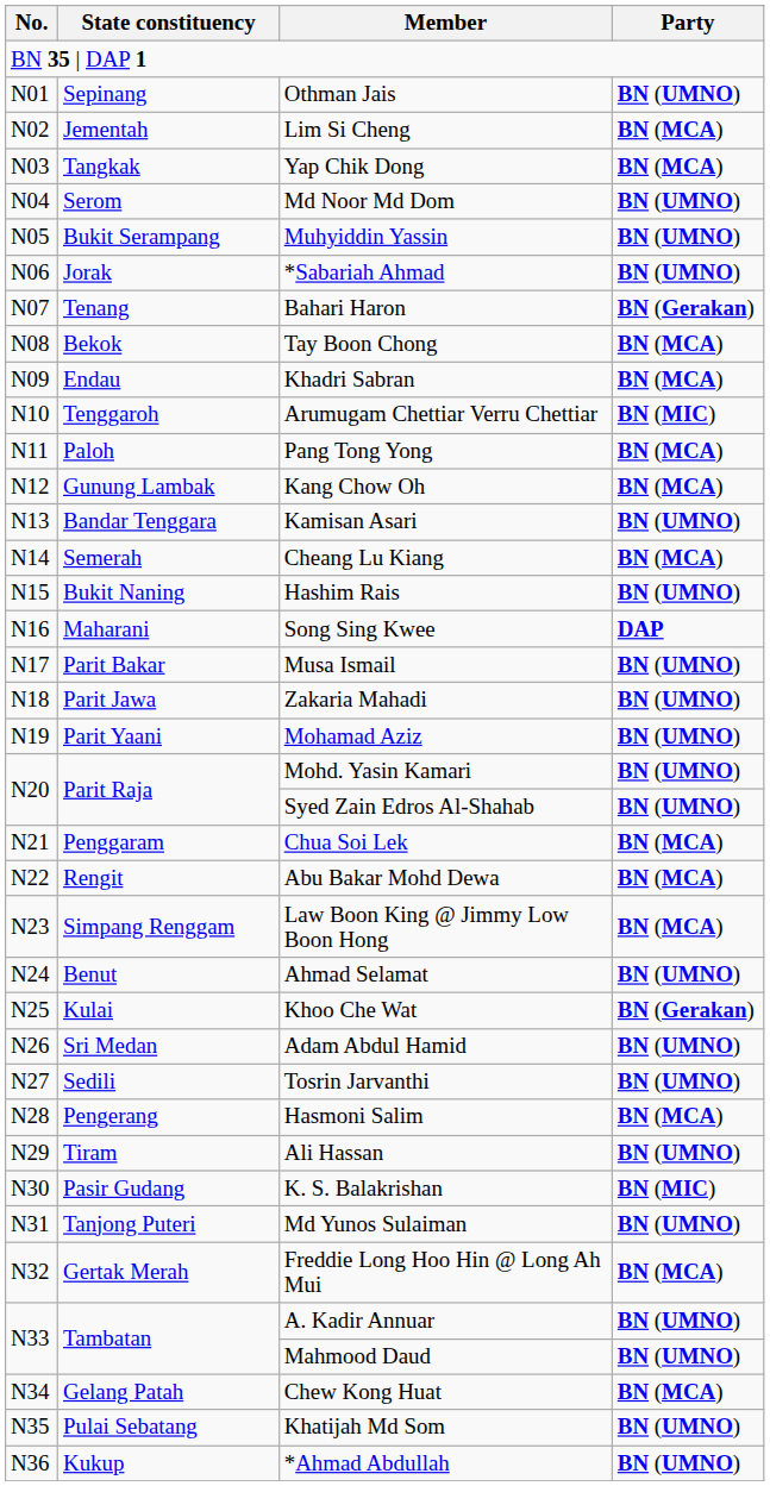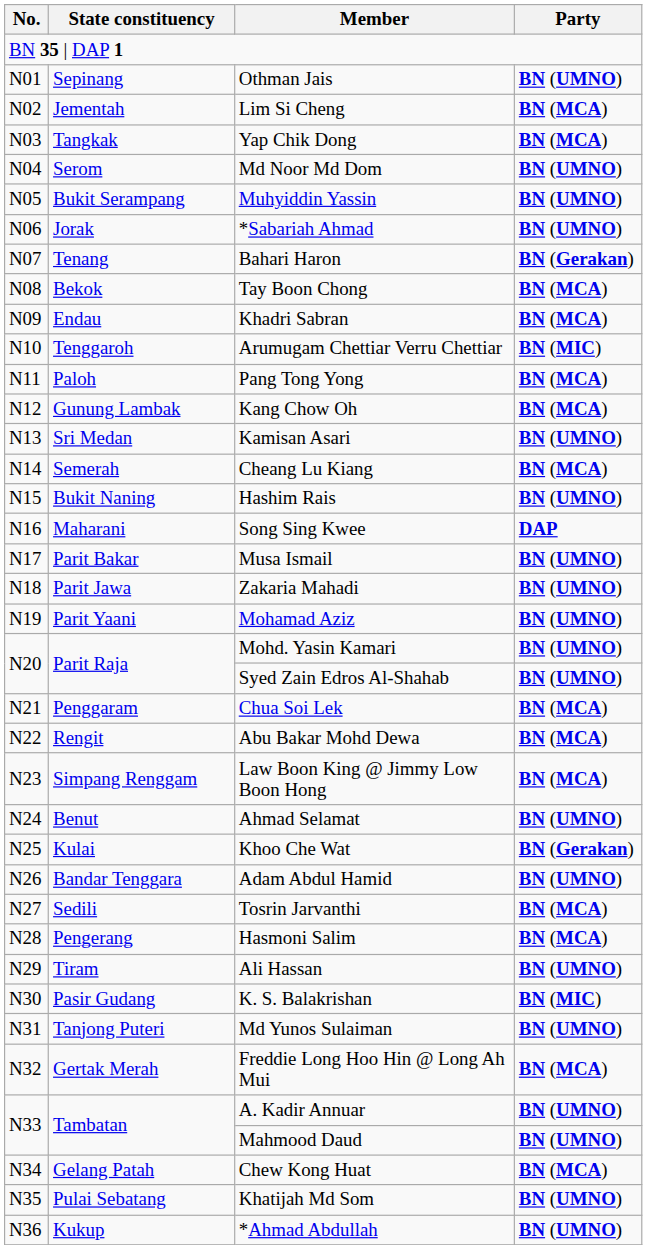 <table class="wikitable sortable">
 <tr>
 <th style="width:30px;">No.</th>
 <th style="width:150px;">State constituency</th>
 <th style="width:230px;">Member</th>
 <th style="width:100px;">Party</th>
 </tr>
 <tr>
 <td colspan="4"><a href='#'>BN</a> <strong>35</strong> | <a href='#'>DAP</a> <strong>1</strong></td>
 </tr>
 <tr>
 <td>N01</td>
 <td><a href='#'>Sepinang</a></td>
 <td>Othman Jais</td>
 <td><strong><a href='#'>BN</a></strong> (<strong><a href='#'>UMNO</a></strong>)</td>
 </tr>
 <tr>
 <td>N02</td>
 <td><a href='#'>Jementah</a></td>
 <td>Lim Si Cheng</td>
 <td><strong><a href='#'>BN</a></strong> (<strong><a href='#'>MCA</a></strong>)</td>
 </tr>
 <tr>
 <td>N03</td>
 <td><a href='#'>Tangkak</a></td>
 <td>Yap Chik Dong</td>
 <td><strong><a href='#'>BN</a></strong> (<strong><a href='#'>MCA</a></strong>)</td>
 </tr>
 <tr>
 <td>N04</td>
 <td><a href='#'>Serom</a></td>
 <td>Md Noor Md Dom</td>
 <td><strong><a href='#'>BN</a></strong> (<strong><a href='#'>UMNO</a></strong>)</td>
 </tr>
 <tr>
 <td>N05</td>
 <td><a href='#'>Bukit Serampang</a></td>
 <td><a href='#'>Muhyiddin Yassin</a></td>
 <td><strong><a href='#'>BN</a></strong> (<strong><a href='#'>UMNO</a></strong>)</td>
 </tr>
 <tr>
 <td>N06</td>
 <td><a href='#'>Jorak</a></td>
 <td>*<a href='#'>Sabariah Ahmad</a></td>
 <td><strong><a href='#'>BN</a></strong> (<strong><a href='#'>UMNO</a></strong>)</td>
 </tr>
 <tr>
 <td>N07</td>
 <td><a href='#'>Tenang</a></td>
 <td>Bahari Haron</td>
 <td><strong><a href='#'>BN</a></strong> (<strong><a href='#'>Gerakan</a></strong>)</td>
 </tr>
 <tr>
 <td>N08</td>
 <td><a href='#'>Bekok</a></td>
 <td>Tay Boon Chong</td>
 <td><strong><a href='#'>BN</a></strong> (<strong><a href='#'>MCA</a></strong>)</td>
 </tr>
 <tr>
 <td>N09</td>
 <td><a href='#'>Endau</a></td>
 <td>Khadri Sabran</td>
 <td><strong><a href='#'>BN</a></strong> (<strong><a href='#'>MCA</a></strong>)</td>
 </tr>
 <tr>
 <td>N10</td>
 <td><a href='#'>Tenggaroh</a></td>
 <td>Arumugam Chettiar Verru Chettiar</td>
 <td><strong><a href='#'>BN</a></strong> (<strong><a href='#'>MIC</a></strong>)</td>
 </tr>
 <tr>
 <td>N11</td>
 <td><a href='#'>Paloh</a></td>
 <td>Pang Tong Yong</td>
 <td><strong><a href='#'>BN</a></strong> (<strong><a href='#'>MCA</a></strong>)</td>
 </tr>
 <tr>
 <td>N12</td>
 <td><a href='#'>Gunung Lambak</a></td>
 <td>Kang Chow Oh</td>
 <td><strong><a href='#'>BN</a></strong> (<strong><a href='#'>MCA</a></strong>)</td>
 </tr>
 <tr>
 <td>N13</td>
-<td><a href='#'>Bandar Tenggara</a></td>
+<td><a href='#'>Sri Medan</a></td>
 <td>Kamisan Asari</td>
 <td><strong><a href='#'>BN</a></strong> (<strong><a href='#'>UMNO</a></strong>)</td>
 </tr>
 <tr>
 <td>N14</td>
 <td><a href='#'>Semerah</a></td>
 <td>Cheang Lu Kiang</td>
 <td><strong><a href='#'>BN</a></strong> (<strong><a href='#'>MCA</a></strong>)</td>
 </tr>
 <tr>
 <td>N15</td>
 <td><a href='#'>Bukit Naning</a></td>
 <td>Hashim Rais</td>
 <td><strong><a href='#'>BN</a></strong> (<strong><a href='#'>UMNO</a></strong>)</td>
 </tr>
 <tr>
 <td>N16</td>
 <td><a href='#'>Maharani</a></td>
 <td>Song Sing Kwee</td>
 <td><strong><a href='#'>DAP</a></strong></td>
 </tr>
 <tr>
 <td>N17</td>
 <td><a href='#'>Parit Bakar</a></td>
 <td>Musa Ismail</td>
 <td><strong><a href='#'>BN</a></strong> (<strong><a href='#'>UMNO</a></strong>)</td>
 </tr>
 <tr>
 <td>N18</td>
 <td><a href='#'>Parit Jawa</a></td>
 <td>Zakaria Mahadi</td>
 <td><strong><a href='#'>BN</a></strong> (<strong><a href='#'>UMNO</a></strong>)</td>
 </tr>
 <tr>
 <td>N19</td>
 <td><a href='#'>Parit Yaani</a></td>
 <td><a href='#'>Mohamad Aziz</a></td>
 <td><strong><a href='#'>BN</a></strong> (<strong><a href='#'>UMNO</a></strong>)</td>
 </tr>
 <tr>
 <td rowspan=2>N20</td>
 <td rowspan=2><a href='#'>Parit Raja</a></td>
 <td>Mohd. Yasin Kamari </td>
 <td><strong><a href='#'>BN</a></strong> (<strong><a href='#'>UMNO</a></strong>)</td>
 </tr>
 <tr>
 <td>Syed Zain Edros Al-Shahab </td>
 <td><strong><a href='#'>BN</a></strong> (<strong><a href='#'>UMNO</a></strong>)</td>
 </tr>
 <tr>
 <td>N21</td>
 <td><a href='#'>Penggaram</a></td>
 <td><a href='#'>Chua Soi Lek</a></td>
 <td><strong><a href='#'>BN</a></strong> (<strong><a href='#'>MCA</a></strong>)</td>
 </tr>
 <tr>
 <td>N22</td>
 <td><a href='#'>Rengit</a></td>
 <td>Abu Bakar Mohd Dewa</td>
 <td><strong><a href='#'>BN</a></strong> (<strong><a href='#'>MCA</a></strong>)</td>
 </tr>
 <tr>
 <td>N23</td>
 <td><a href='#'>Simpang Renggam</a></td>
 <td>Law Boon King @ Jimmy Low Boon Hong</td>
 <td><strong><a href='#'>BN</a></strong> (<strong><a href='#'>MCA</a></strong>)</td>
 </tr>
 <tr>
 <td>N24</td>
 <td><a href='#'>Benut</a></td>
 <td>Ahmad Selamat</td>
 <td><strong><a href='#'>BN</a></strong> (<strong><a href='#'>UMNO</a></strong>)</td>
 </tr>
 <tr>
 <td>N25</td>
 <td><a href='#'>Kulai</a></td>
 <td>Khoo Che Wat</td>
 <td><strong><a href='#'>BN</a></strong> (<strong><a href='#'>Gerakan</a></strong>)</td>
 </tr>
 <tr>
 <td>N26</td>
-<td><a href='#'>Sri Medan</a></td>
+<td><a href='#'>Bandar Tenggara</a></td>
 <td>Adam Abdul Hamid</td>
 <td><strong><a href='#'>BN</a></strong> (<strong><a href='#'>UMNO</a></strong>)</td>
 </tr>
 <tr>
 <td>N27</td>
 <td><a href='#'>Sedili</a></td>
 <td>Tosrin Jarvanthi</td>
-<td><strong><a href='#'>BN</a></strong> (<strong><a href='#'>UMNO</a></strong>)</td>
+<td><strong><a href='#'>BN</a></strong> (<strong><a href='#'>MCA</a></strong>)</td>
 </tr>
 <tr>
 <td>N28</td>
 <td><a href='#'>Pengerang</a></td>
 <td>Hasmoni Salim</td>
 <td><strong><a href='#'>BN</a></strong> (<strong><a href='#'>MCA</a></strong>)</td>
 </tr>
 <tr>
 <td>N29</td>
 <td><a href='#'>Tiram</a></td>
 <td>Ali Hassan</td>
 <td><strong><a href='#'>BN</a></strong> (<strong><a href='#'>UMNO</a></strong>)</td>
 </tr>
 <tr>
 <td>N30</td>
 <td><a href='#'>Pasir Gudang</a></td>
 <td>K. S. Balakrishan</td>
 <td><strong><a href='#'>BN</a></strong> (<strong><a href='#'>MIC</a></strong>)</td>
 </tr>
 <tr>
 <td>N31</td>
 <td><a href='#'>Tanjong Puteri</a></td>
 <td>Md Yunos Sulaiman </td>
 <td><strong><a href='#'>BN</a></strong> (<strong><a href='#'>UMNO</a></strong>)</td>
 </tr>
 <tr>
 <td>N32</td>
 <td><a href='#'>Gertak Merah</a></td>
 <td>Freddie Long Hoo Hin @ Long Ah Mui</td>
 <td><strong><a href='#'>BN</a></strong> (<strong><a href='#'>MCA</a></strong>)</td>
 </tr>
 <tr>
 <td rowspan=2>N33</td>
 <td rowspan=2><a href='#'>Tambatan</a></td>
 <td>A. Kadir Annuar </td>
 <td><strong><a href='#'>BN</a></strong> (<strong><a href='#'>UMNO</a></strong>)</td>
 </tr>
 <tr>
 <td>Mahmood Daud </td>
 <td><strong><a href='#'>BN</a></strong> (<strong><a href='#'>UMNO</a></strong>)</td>
 </tr>
 <tr>
 <td>N34</td>
 <td><a href='#'>Gelang Patah</a></td>
 <td>Chew Kong Huat</td>
 <td><strong><a href='#'>BN</a></strong> (<strong><a href='#'>MCA</a></strong>)</td>
 </tr>
 <tr>
 <td>N35</td>
 <td><a href='#'>Pulai Sebatang</a></td>
 <td>Khatijah Md Som</td>
 <td><strong><a href='#'>BN</a></strong> (<strong><a href='#'>UMNO</a></strong>)</td>
 </tr>
 <tr>
 <td>N36</td>
 <td><a href='#'>Kukup</a></td>
 <td>*<a href='#'>Ahmad Abdullah</a></td>
 <td><strong><a href='#'>BN</a></strong> (<strong><a href='#'>UMNO</a></strong>)</td>
 </tr>
 </table>
